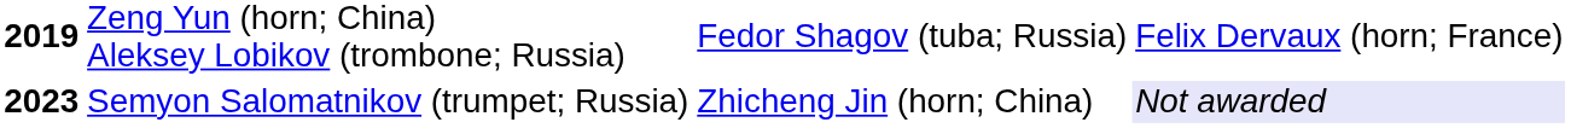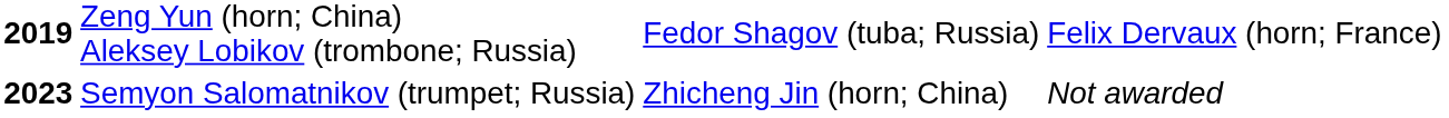 <table>
 <tr>
 <th>2019</th>
 <td><a href='#'>Zeng Yun</a> (horn; China)<br><a href='#'>Aleksey Lobikov</a> (trombone; Russia)</td>
 <td><a href='#'>Fedor Shagov</a> (tuba; Russia)</td>
 <td><a href='#'>Felix Dervaux</a> (horn; France)</td>
 </tr>
 <tr>
 <th>2023</th>
 <td><a href='#'>Semyon Salomatnikov</a> (trumpet; Russia)</td>
 <td><a href='#'>Zhicheng Jin</a> (horn; China)</td>
-<td style="background: lavender;"><em>Not awarded</em></td>
+<td><em>Not awarded</em></td>
 </tr>
 <tr>
 </tr>
 </table>
